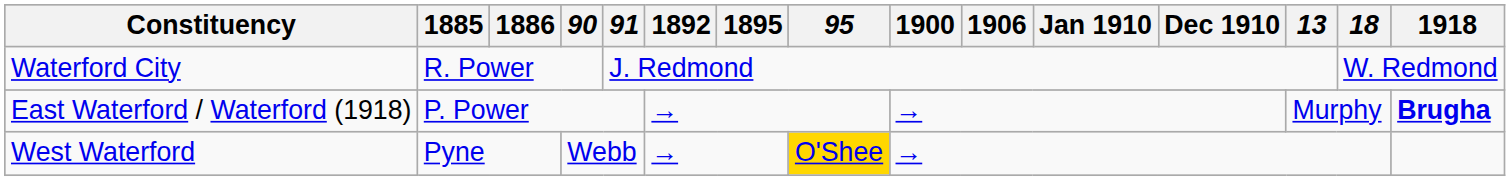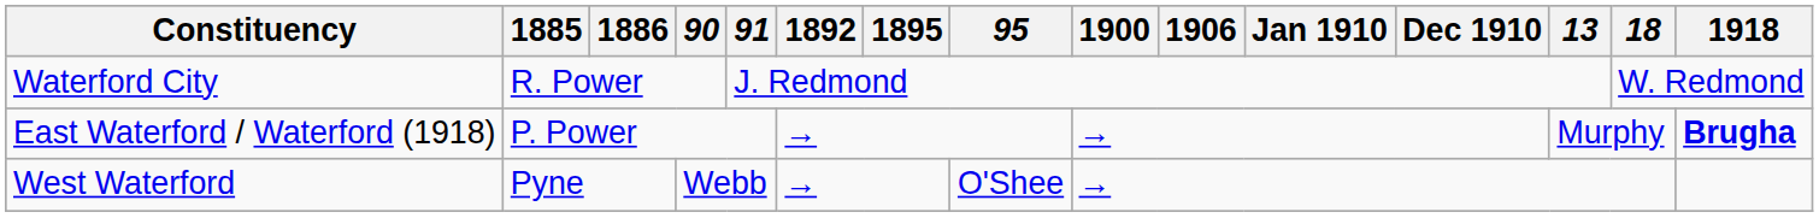 <table class="wikitable">
 <tr>
 <th>Constituency</th>
 <th>1885</th>
 <th>1886</th>
 <th><em>90</em></th>
 <th><em>91</em></th>
 <th>1892</th>
 <th>1895</th>
 <th><em>95</em></th>
 <th>1900</th>
 <th>1906</th>
 <th>Jan 1910</th>
 <th>Dec 1910</th>
 <th><em>13</em></th>
 <th><em>18</em></th>
 <th>1918</th>
 </tr>
 <tr>
 <td><a href='#'>Waterford City</a></td>
 <td colspan="3"><a href='#'>R. Power</a></td>
 <td colspan="9"><a href='#'>J. Redmond</a></td>
 <td colspan="2"><a href='#'>W. Redmond</a></td>
 </tr>
 <tr>
 <td><a href='#'>East Waterford</a> / <a href='#'>Waterford</a> (1918)</td>
 <td colspan="4"><a href='#'>P. Power</a></td>
 <td colspan="3"><a href='#'>→</a></td>
 <td colspan="4"><a href='#'>→</a></td>
 <td colspan="2"><a href='#'>Murphy</a></td>
 <td><strong><a href='#'>Brugha</a></strong></td>
 </tr>
 <tr>
 <td><a href='#'>West Waterford</a></td>
 <td colspan="2"><a href='#'>Pyne</a></td>
 <td colspan="2"><a href='#'>Webb</a></td>
 <td colspan="2"><a href='#'>→</a></td>
-<td style="background: gold;"><a href='#'>O'Shee</a></td>
+<td><a href='#'>O'Shee</a></td>
 <td colspan="6"><a href='#'>→</a></td>
 </tr>
 </table>
